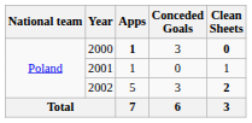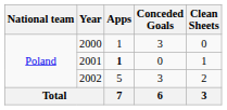 <table class="wikitable" style="text-align:center">
 <tr>
 <th>National team</th>
 <th>Year</th>
 <th>Apps</th>
 <th>Conceded<br>Goals</th>
 <th>Clean<br>Sheets</th>
 </tr>
 <tr>
 <td rowspan="3" style="vertical-align:center;"><a href='#'>Poland</a></td>
 <td>2000</td>
-<td><strong>1</strong></td>
+<td>1</td>
 <td>3</td>
-<td><strong>0</strong></td>
+<td>0</td>
 </tr>
 <tr>
 <td>2001</td>
-<td>1</td>
+<td><strong>1</strong></td>
 <td>0</td>
 <td>1</td>
 </tr>
 <tr>
 <td>2002</td>
 <td>5</td>
 <td>3</td>
-<td><strong>2</strong></td>
+<td>2</td>
 </tr>
 <tr>
 <th colspan="2">Total</th>
 <th>7</th>
 <th>6</th>
 <th>3</th>
 </tr>
 </table>
